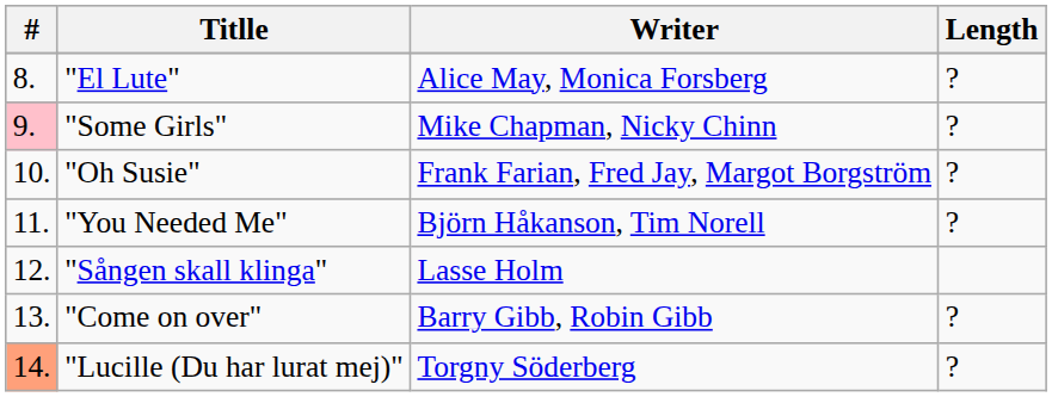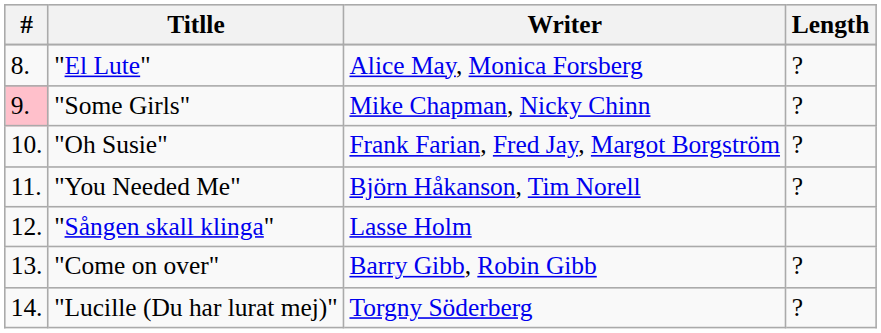 <table class="wikitable">
 <tr>
 <th>#</th>
 <th>Titlle</th>
 <th>Writer</th>
 <th>Length</th>
 </tr>
 <tr bgcolor="#ebf5ff">
 </tr>
 <tr>
 <td>8.</td>
 <td>"<a href='#'>El Lute</a>"</td>
 <td><a href='#'>Alice May</a>, <a href='#'>Monica Forsberg</a></td>
 <td>?</td>
 </tr>
 <tr>
 <td style="background: pink;">9.</td>
 <td>"Some Girls"</td>
 <td><a href='#'>Mike Chapman</a>, <a href='#'>Nicky Chinn</a></td>
 <td>?</td>
 </tr>
 <tr>
 <td>10.</td>
 <td>"Oh Susie"</td>
 <td><a href='#'>Frank Farian</a>, <a href='#'>Fred Jay</a>, <a href='#'>Margot Borgström</a></td>
 <td>?</td>
 </tr>
 <tr>
 <td>11.</td>
 <td>"You Needed Me"</td>
 <td><a href='#'>Björn Håkanson</a>, <a href='#'>Tim Norell</a></td>
 <td>?</td>
 </tr>
 <tr>
 <td>12.</td>
 <td>"<a href='#'>Sången skall klinga</a>"</td>
 <td><a href='#'>Lasse Holm</a></td>
 <td></td>
 </tr>
 <tr>
 <td>13.</td>
 <td>"Come on over"</td>
 <td><a href='#'>Barry Gibb</a>, <a href='#'>Robin Gibb</a></td>
 <td>?</td>
 </tr>
 <tr>
-<td style="background: lightsalmon;">14.</td>
+<td>14.</td>
 <td>"Lucille (Du har lurat mej)"</td>
 <td><a href='#'>Torgny Söderberg</a></td>
 <td>?</td>
 </tr>
 </table>
